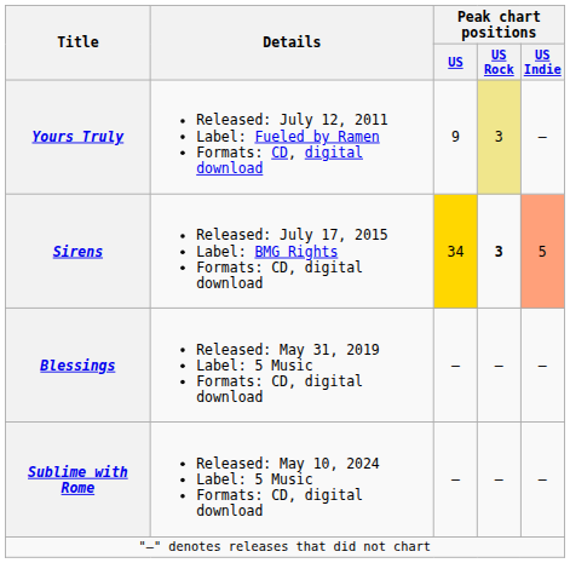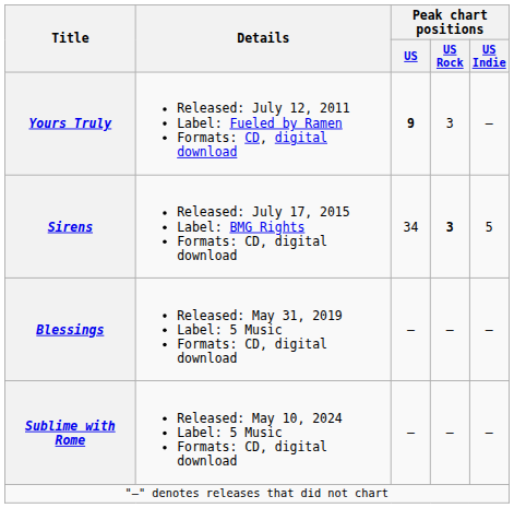 <table class="wikitable plainrowheaders" style="text-align:center;" border="1">
 <tr>
 <th scope="col" rowspan="2" style="width:10em;">Title</th>
 <th scope="col" rowspan="2" style="width:20em;">Details</th>
 <th scope="col" colspan="3">Peak chart positions</th>
 </tr>
 <tr>
 <th scope="col" style="width:3em;font-size:90%;"><a href='#'>US</a><br></th>
 <th scope="col" style="width:3em;font-size:90%;"><a href='#'>US<br>Rock</a><br></th>
 <th scope="col" style="width:3em;font-size:90%;"><a href='#'>US<br> Indie</a><br></th>
 </tr>
 <tr>
 <th scope="row"><em><a href='#'>Yours Truly</a></em></th>
 <td style="text-align:left;"><br><ul><li>Released: July 12, 2011</li><li>Label: <a href='#'>Fueled by Ramen</a></li><li>Formats: <a href='#'>CD</a>, <a href='#'>digital download</a></li></ul></td>
-<td>9</td>
-<td style="background: khaki;">3</td>
+<td><strong>9</strong></td>
+<td>3</td>
 <td>—</td>
 </tr>
 <tr>
 <th scope="row"><em><a href='#'>Sirens</a></em></th>
 <td style="text-align:left;"><br><ul><li>Released: July 17, 2015</li><li>Label: <a href='#'>BMG Rights</a></li><li>Formats: CD, digital download</li></ul></td>
-<td style="background: gold;">34</td>
+<td>34</td>
 <td><strong>3</strong></td>
-<td style="background: lightsalmon;">5</td>
+<td>5</td>
 </tr>
 <tr>
 <th scope="row"><em><a href='#'>Blessings</a></em></th>
 <td style="text-align:left;"><br><ul><li>Released:  May 31, 2019</li><li>Label: 5 Music</li><li>Formats: CD, digital download</li></ul></td>
 <td>—</td>
 <td>—</td>
 <td>—</td>
 </tr>
 <tr>
 <th scope="row"><em><a href='#'>Sublime with Rome</a></em></th>
 <td style="text-align:left;"><br><ul><li>Released:  May 10, 2024</li><li>Label: 5 Music</li><li>Formats: CD, digital download</li></ul></td>
 <td>—</td>
 <td>—</td>
 <td>—</td>
 </tr>
 <tr>
 <td colspan="14" style="font-size:90%">"—" denotes releases that did not chart</td>
 </tr>
 </table>
